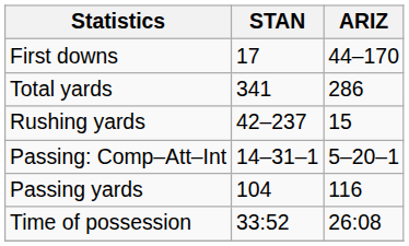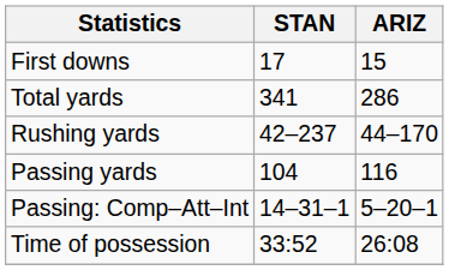 <table class="wikitable" style="float: left;">
 <tr>
 <th>Statistics</th>
 <th>STAN</th>
 <th>ARIZ</th>
 </tr>
 <tr>
 <td>First downs</td>
 <td>17</td>
-<td>44–170</td>
+<td>15</td>
 </tr>
 <tr>
 <td>Total yards</td>
 <td>341</td>
 <td>286</td>
 </tr>
 <tr>
 <td>Rushing yards</td>
 <td>42–237</td>
-<td>15</td>
+<td>44–170</td>
+</tr>
+<tr>
+<td>Passing yards</td>
+<td>104</td>
+<td>116</td>
 </tr>
 <tr>
 <td>Passing: Comp–Att–Int</td>
 <td>14–31–1</td>
 <td>5–20–1</td>
-</tr>
-<tr>
-<td>Passing yards</td>
-<td>104</td>
-<td>116</td>
 </tr>
 <tr>
 <td>Time of possession</td>
 <td>33:52</td>
 <td>26:08</td>
 </tr>
 <tr>
 </tr>
 </table>
